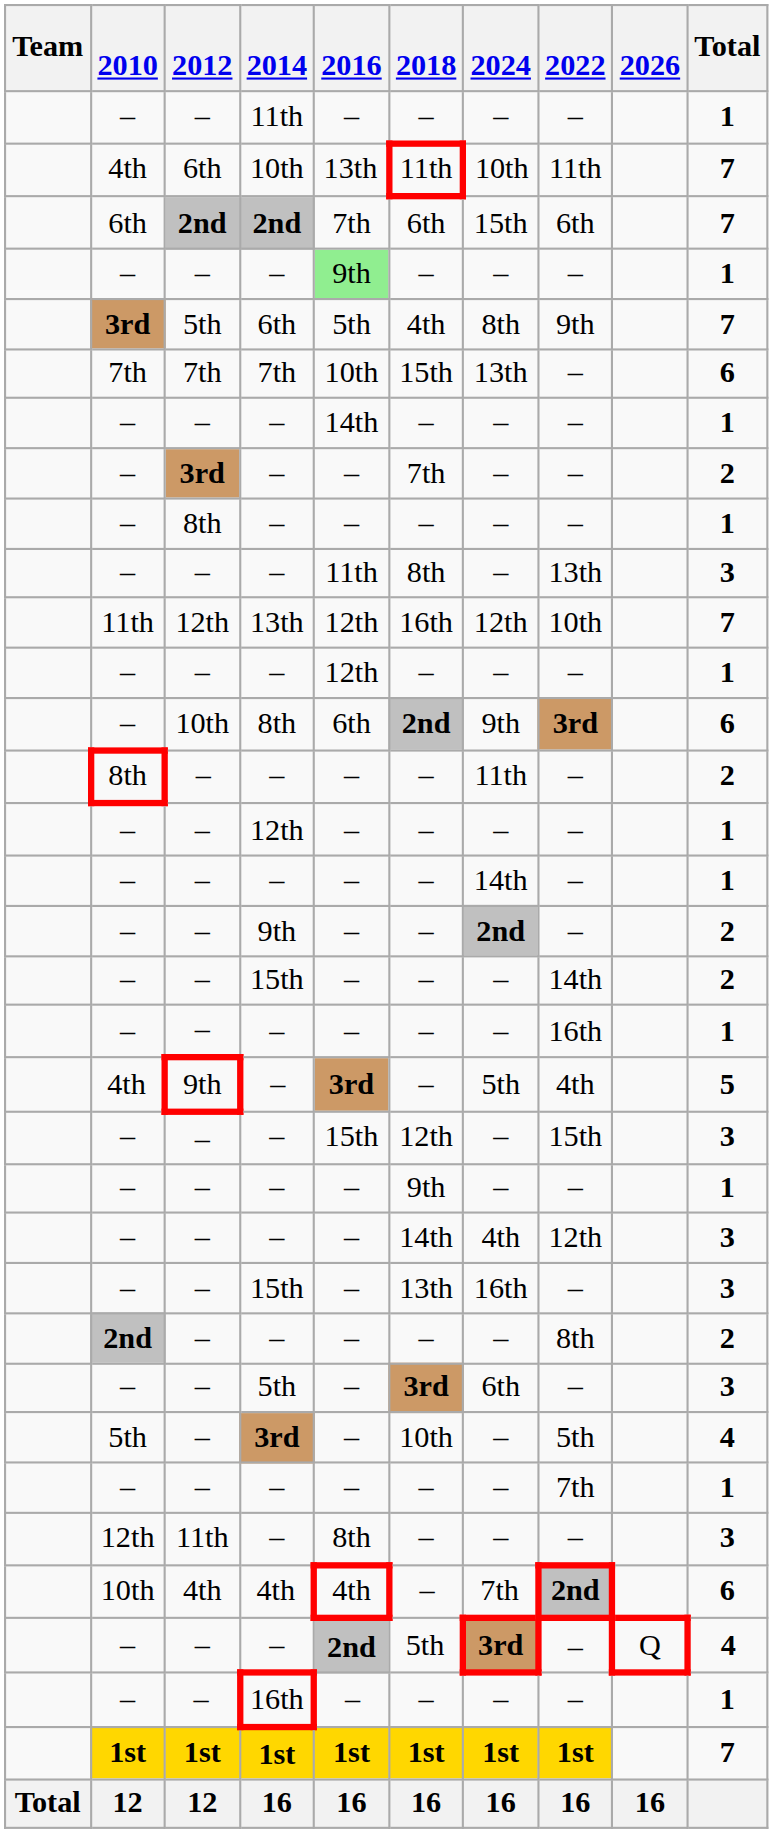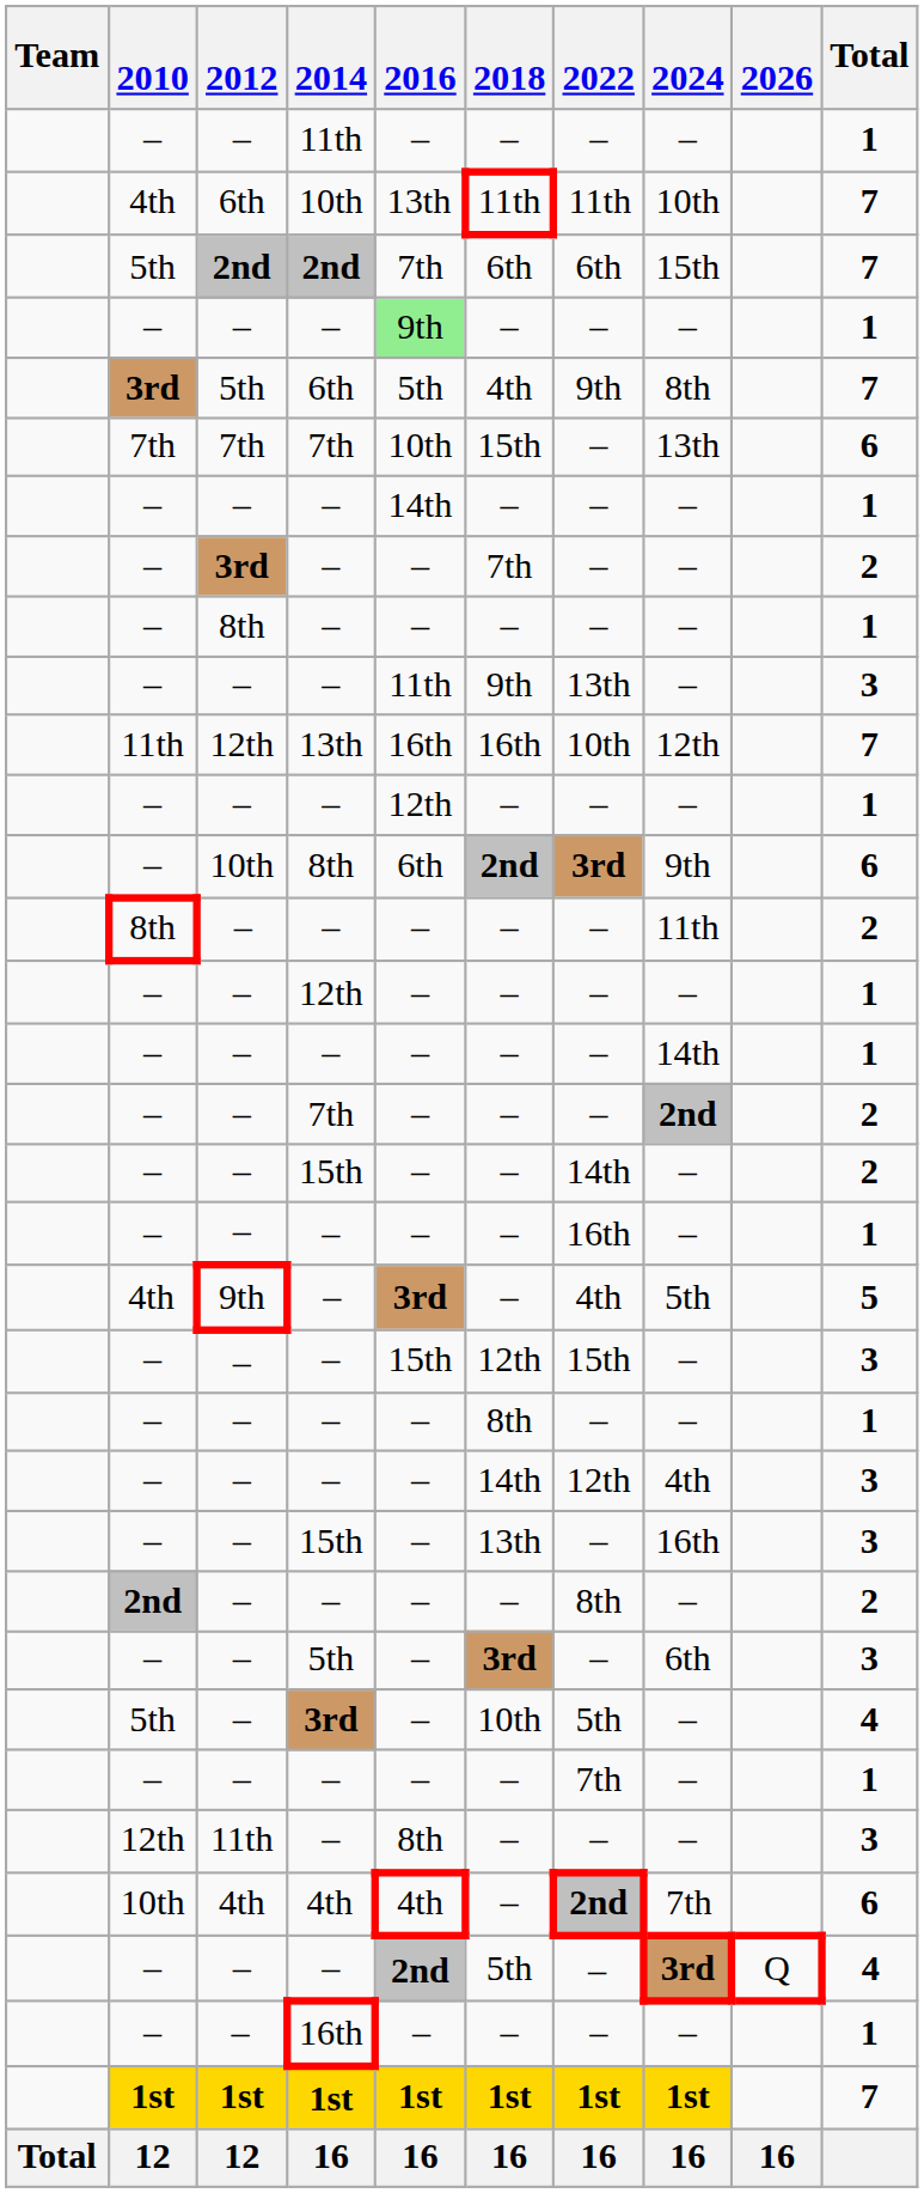 <table class="wikitable" style="text-align:center; font-size:90%">
 <tr>
 <th><strong>Team</strong></th>
 <th><br><a href='#'>2010</a></th>
 <th><br><a href='#'>2012</a></th>
 <th><br><a href='#'>2014</a></th>
 <th><br><a href='#'>2016</a></th>
 <th><br><a href='#'>2018</a></th>
+<th><br><a href='#'>2022</a></th>
 <th><br><a href='#'>2024</a></th>
-<th><br><a href='#'>2022</a></th>
 <th><br><a href='#'>2026</a></th>
 <th>Total</th>
 </tr>
 <tr>
 <td align=left></td>
 <td>–</td>
 <td>–</td>
 <td>11th</td>
 <td>–</td>
 <td>–</td>
 <td>–</td>
 <td>–</td>
 <td></td>
 <td><strong>1</strong></td>
 </tr>
 <tr>
 <td align=left></td>
 <td>4th</td>
 <td>6th</td>
 <td>10th</td>
 <td>13th</td>
 <td style="border: 3px solid red">11th</td>
+<td>11th</td>
 <td>10th</td>
-<td>11th</td>
 <td></td>
 <td><strong>7</strong></td>
 </tr>
 <tr>
 <td align=left></td>
-<td>6th</td>
+<td>5th</td>
 <td bgcolor=silver><strong>2nd</strong></td>
 <td bgcolor=silver><strong>2nd</strong></td>
 <td>7th</td>
 <td>6th</td>
+<td>6th</td>
 <td>15th</td>
-<td>6th</td>
 <td></td>
 <td><strong>7</strong></td>
 </tr>
 <tr>
 <td align="left"></td>
 <td>–</td>
 <td>–</td>
 <td>–</td>
 <td style="background: lightgreen;">9th</td>
 <td>–</td>
 <td>–</td>
 <td>–</td>
 <td></td>
 <td><strong>1</strong></td>
 </tr>
 <tr>
 <td align=left></td>
 <td bgcolor=#cc9966><strong>3rd</strong></td>
 <td>5th</td>
 <td>6th</td>
 <td>5th</td>
 <td>4th</td>
+<td>9th</td>
 <td>8th</td>
-<td>9th</td>
 <td></td>
 <td><strong>7</strong></td>
 </tr>
 <tr>
 <td align=left></td>
 <td>7th</td>
 <td>7th</td>
 <td>7th</td>
 <td>10th</td>
 <td>15th</td>
+<td>–</td>
 <td>13th</td>
-<td>–</td>
 <td></td>
 <td><strong>6</strong></td>
 </tr>
 <tr>
 <td align=left></td>
 <td>–</td>
 <td>–</td>
 <td>–</td>
 <td>14th</td>
 <td>–</td>
 <td>–</td>
 <td>–</td>
 <td></td>
 <td><strong>1</strong></td>
 </tr>
 <tr>
 <td align=left></td>
 <td>–</td>
 <td bgcolor="#cc9966"><strong>3rd</strong></td>
 <td>–</td>
 <td>–</td>
 <td>7th</td>
 <td>–</td>
 <td>–</td>
 <td></td>
 <td><strong>2</strong></td>
 </tr>
 <tr>
 <td align=left></td>
 <td>–</td>
 <td>8th</td>
 <td>–</td>
 <td>–</td>
 <td>–</td>
 <td>–</td>
 <td>–</td>
 <td></td>
 <td><strong>1</strong></td>
 </tr>
 <tr>
 <td align=left></td>
 <td>–</td>
 <td>–</td>
 <td>–</td>
 <td>11th</td>
-<td>8th</td>
+<td>9th</td>
+<td>13th</td>
 <td>–</td>
-<td>13th</td>
 <td></td>
 <td><strong>3</strong></td>
 </tr>
 <tr>
 <td align=left></td>
 <td>11th</td>
 <td>12th</td>
 <td>13th</td>
+<td>16th</td>
+<td>16th</td>
+<td>10th</td>
 <td>12th</td>
-<td>16th</td>
-<td>12th</td>
-<td>10th</td>
 <td></td>
 <td><strong>7</strong></td>
 </tr>
 <tr>
 <td align=left></td>
 <td>–</td>
 <td>–</td>
 <td>–</td>
 <td>12th</td>
 <td>–</td>
 <td>–</td>
 <td>–</td>
 <td></td>
 <td><strong>1</strong></td>
 </tr>
 <tr>
 <td align=left></td>
 <td>–</td>
 <td>10th</td>
 <td>8th</td>
 <td>6th</td>
 <td bgcolor=silver><strong>2nd</strong></td>
+<td bgcolor="#cc9966"><strong>3rd</strong></td>
 <td>9th</td>
-<td bgcolor="#cc9966"><strong>3rd</strong></td>
 <td></td>
 <td><strong>6</strong></td>
 </tr>
 <tr>
 <td align=left></td>
 <td style="border: 3px solid red">8th</td>
 <td>–</td>
 <td>–</td>
 <td>–</td>
 <td>–</td>
+<td>–</td>
 <td>11th</td>
-<td>–</td>
 <td></td>
 <td><strong>2</strong></td>
 </tr>
 <tr>
 <td align=left></td>
 <td>–</td>
 <td>–</td>
 <td>12th</td>
 <td>–</td>
 <td>–</td>
 <td>–</td>
 <td>–</td>
 <td></td>
 <td><strong>1</strong></td>
 </tr>
 <tr>
 <td align=left></td>
 <td>–</td>
 <td>–</td>
 <td>–</td>
 <td>–</td>
 <td>–</td>
+<td>–</td>
 <td>14th</td>
-<td>–</td>
 <td></td>
 <td><strong>1</strong></td>
 </tr>
 <tr>
 <td align=left></td>
 <td>–</td>
 <td>–</td>
-<td>9th</td>
+<td>7th</td>
+<td>–</td>
 <td>–</td>
 <td>–</td>
 <td bgcolor="silver"><strong>2nd</strong></td>
-<td>–</td>
 <td></td>
 <td><strong>2</strong></td>
 </tr>
 <tr>
 <td align=left></td>
 <td>–</td>
 <td>–</td>
 <td>15th</td>
 <td>–</td>
 <td>–</td>
+<td>14th</td>
 <td>–</td>
-<td>14th</td>
 <td></td>
 <td><strong>2</strong></td>
 </tr>
 <tr>
 <td align=left></td>
 <td>–</td>
 <td>–</td>
 <td>–</td>
 <td>–</td>
 <td>–</td>
+<td>16th</td>
 <td>–</td>
-<td>16th</td>
 <td></td>
 <td><strong>1</strong></td>
 </tr>
 <tr>
 <td align=left></td>
 <td>4th</td>
 <td style="border: 3px solid red">9th</td>
 <td>–</td>
 <td bgcolor="#cc9966"><strong>3rd</strong></td>
 <td>–</td>
+<td>4th</td>
 <td>5th</td>
-<td>4th</td>
 <td></td>
 <td><strong>5</strong></td>
 </tr>
 <tr>
 <td align=left></td>
 <td>–</td>
 <td>–</td>
 <td>–</td>
 <td>15th</td>
 <td>12th</td>
+<td>15th</td>
 <td>–</td>
-<td>15th</td>
 <td></td>
 <td><strong>3</strong></td>
 </tr>
 <tr>
 <td align=left></td>
 <td>–</td>
 <td>–</td>
 <td>–</td>
 <td>–</td>
-<td>9th</td>
+<td>8th</td>
 <td>–</td>
 <td>–</td>
 <td></td>
 <td><strong>1</strong></td>
 </tr>
 <tr>
 <td align=left></td>
 <td>–</td>
 <td>–</td>
 <td>–</td>
 <td>–</td>
 <td>14th</td>
+<td>12th</td>
 <td>4th</td>
-<td>12th</td>
 <td></td>
 <td><strong>3</strong></td>
 </tr>
 <tr>
 <td align=left></td>
 <td>–</td>
 <td>–</td>
 <td>15th</td>
 <td>–</td>
 <td>13th</td>
+<td>–</td>
 <td>16th</td>
-<td>–</td>
 <td></td>
 <td><strong>3</strong></td>
 </tr>
 <tr>
 <td align=left></td>
 <td bgcolor=silver><strong>2nd</strong></td>
 <td>–</td>
 <td>–</td>
 <td>–</td>
 <td>–</td>
+<td>8th</td>
 <td>–</td>
-<td>8th</td>
 <td></td>
 <td><strong>2</strong></td>
 </tr>
 <tr>
 <td align=left></td>
 <td>–</td>
 <td>–</td>
 <td>5th</td>
 <td>–</td>
 <td bgcolor="#cc9966"><strong>3rd</strong></td>
+<td>–</td>
 <td>6th</td>
-<td>–</td>
 <td></td>
 <td><strong>3</strong></td>
 </tr>
 <tr>
 <td align=left></td>
 <td>5th</td>
 <td>–</td>
 <td bgcolor="#cc9966"><strong>3rd</strong></td>
 <td>–</td>
 <td>10th</td>
+<td>5th</td>
 <td>–</td>
-<td>5th</td>
 <td></td>
 <td><strong>4</strong></td>
 </tr>
 <tr>
 <td align=left></td>
 <td>–</td>
 <td>–</td>
 <td>–</td>
 <td>–</td>
 <td>–</td>
+<td>7th</td>
 <td>–</td>
-<td>7th</td>
 <td></td>
 <td><strong>1</strong></td>
 </tr>
 <tr>
 <td align=left></td>
 <td>12th</td>
 <td>11th</td>
 <td>–</td>
 <td>8th</td>
 <td>–</td>
 <td>–</td>
 <td>–</td>
 <td></td>
 <td><strong>3</strong></td>
 </tr>
 <tr>
 <td align=left></td>
 <td>10th</td>
 <td>4th</td>
 <td>4th</td>
 <td style="border: 3px solid red">4th</td>
 <td>–</td>
+<td style="border: 3px solid red" bgcolor="silver"><strong>2nd</strong></td>
 <td>7th</td>
-<td style="border: 3px solid red" bgcolor="silver"><strong>2nd</strong></td>
 <td></td>
 <td><strong>6</strong></td>
 </tr>
 <tr>
 <td align=left></td>
 <td>–</td>
 <td>–</td>
 <td>–</td>
 <td bgcolor="silver"><strong>2nd</strong></td>
 <td>5th</td>
+<td>–</td>
 <td style="border: 3px solid red" bgcolor="#cc9966"><strong>3rd</strong></td>
-<td>–</td>
 <td style="border: 3px solid red">Q</td>
 <td><strong>4</strong></td>
 </tr>
 <tr>
 <td align=left></td>
 <td>–</td>
 <td>–</td>
 <td style="border: 3px solid red">16th</td>
 <td>–</td>
 <td>–</td>
 <td>–</td>
 <td>–</td>
 <td></td>
 <td><strong>1</strong></td>
 </tr>
 <tr>
 <td align=left></td>
 <td bgcolor=gold><strong>1st</strong></td>
 <td bgcolor=gold><strong>1st</strong></td>
 <td bgcolor=gold><strong>1st</strong></td>
 <td bgcolor=gold><strong>1st</strong></td>
 <td bgcolor=gold><strong>1st</strong></td>
+<td bgcolor="gold"><strong>1st</strong></td>
 <td bgcolor=gold><strong>1st</strong></td>
-<td bgcolor="gold"><strong>1st</strong></td>
 <td></td>
 <td><strong>7</strong></td>
 </tr>
 <tr>
 <th>Total</th>
 <th>12</th>
 <th>12</th>
 <th>16</th>
 <th>16</th>
 <th>16</th>
 <th>16</th>
 <th>16</th>
 <th>16</th>
 <th></th>
 </tr>
 </table>
